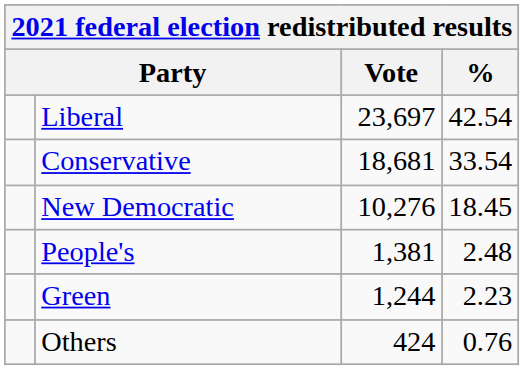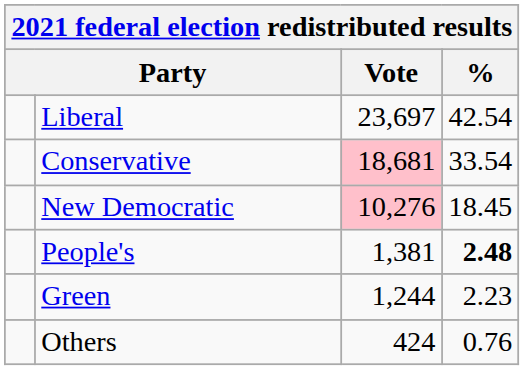 <table class="wikitable">
 <tr>
 <th colspan="4"><a href='#'>2021 federal election</a> redistributed results</th>
 </tr>
 <tr>
 <th bgcolor="#DDDDFF" width="130px" colspan="2">Party</th>
 <th bgcolor="#DDDDFF" width="50px">Vote</th>
 <th bgcolor="#DDDDFF" width="30px">%</th>
 </tr>
 <tr>
 <td> </td>
 <td><a href='#'>Liberal</a></td>
 <td align=right>23,697</td>
 <td align=right>42.54</td>
 </tr>
 <tr>
 <td> </td>
 <td><a href='#'>Conservative</a></td>
-<td align=right>18,681</td>
+<td align=right style="background: pink;">18,681</td>
 <td align=right>33.54</td>
 </tr>
 <tr>
 <td> </td>
 <td><a href='#'>New Democratic</a></td>
-<td align=right>10,276</td>
+<td align=right style="background: pink;">10,276</td>
 <td align=right>18.45</td>
 </tr>
 <tr>
 <td> </td>
 <td><a href='#'>People's</a></td>
 <td align=right>1,381</td>
-<td align=right>2.48</td>
+<td align=right><strong>2.48</strong></td>
 </tr>
 <tr>
 <td> </td>
 <td><a href='#'>Green</a></td>
 <td align=right>1,244</td>
 <td align=right>2.23</td>
 </tr>
 <tr>
 <td> </td>
 <td>Others</td>
 <td align=right>424</td>
 <td align=right>0.76</td>
 </tr>
 </table>
